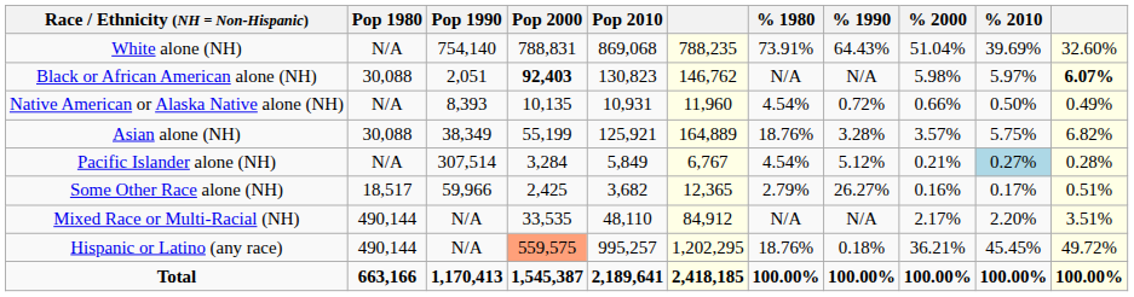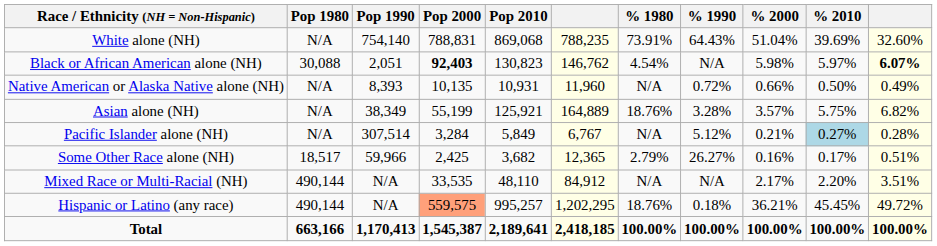 <table class="wikitable" style="text-align:center;">
 <tr>
 <th>Race / Ethnicity <small>(<em>NH = Non-Hispanic</em>)</small></th>
 <th>Pop 1980</th>
 <th>Pop 1990</th>
 <th>Pop 2000</th>
 <th>Pop 2010</th>
 <th></th>
 <th>% 1980</th>
 <th>% 1990</th>
 <th>% 2000</th>
 <th>% 2010</th>
 <th></th>
 </tr>
 <tr>
 <td><a href='#'>White</a> alone (NH)</td>
 <td>N/A</td>
 <td>754,140</td>
 <td>788,831</td>
 <td>869,068</td>
 <td style='background: #ffffe6;'>788,235</td>
 <td>73.91%</td>
 <td>64.43%</td>
 <td>51.04%</td>
 <td>39.69%</td>
 <td style='background: #ffffe6;'>32.60%</td>
 </tr>
 <tr>
 <td><a href='#'>Black or African American</a> alone (NH)</td>
 <td>30,088</td>
 <td>2,051</td>
 <td><strong>92,403</strong></td>
 <td>130,823</td>
 <td style='background: #ffffe6;'>146,762</td>
-<td>N/A</td>
+<td>4.54%</td>
 <td>N/A</td>
 <td>5.98%</td>
 <td>5.97%</td>
 <td style='background: #ffffe6;'><strong>6.07%</strong></td>
 </tr>
 <tr>
 <td><a href='#'>Native American</a> or <a href='#'>Alaska Native</a> alone (NH)</td>
 <td>N/A</td>
 <td>8,393</td>
 <td>10,135</td>
 <td>10,931</td>
 <td style='background: #ffffe6;'>11,960</td>
-<td>4.54%</td>
+<td>N/A</td>
 <td>0.72%</td>
 <td>0.66%</td>
 <td>0.50%</td>
 <td style='background: #ffffe6;'>0.49%</td>
 </tr>
 <tr>
 <td><a href='#'>Asian</a> alone (NH)</td>
-<td>30,088</td>
+<td>N/A</td>
 <td>38,349</td>
 <td>55,199</td>
 <td>125,921</td>
 <td style='background: #ffffe6;'>164,889</td>
 <td>18.76%</td>
 <td>3.28%</td>
 <td>3.57%</td>
 <td>5.75%</td>
 <td style='background: #ffffe6;'>6.82%</td>
 </tr>
 <tr>
 <td><a href='#'>Pacific Islander</a> alone (NH)</td>
 <td>N/A</td>
 <td>307,514</td>
 <td>3,284</td>
 <td>5,849</td>
 <td style='background: #ffffe6;'>6,767</td>
-<td>4.54%</td>
+<td>N/A</td>
 <td>5.12%</td>
 <td>0.21%</td>
 <td style="background: lightblue;">0.27%</td>
 <td style='background: #ffffe6;'>0.28%</td>
 </tr>
 <tr>
 <td><a href='#'>Some Other Race</a> alone (NH)</td>
 <td>18,517</td>
 <td>59,966</td>
 <td>2,425</td>
 <td>3,682</td>
 <td style='background: #ffffe6;'>12,365</td>
 <td>2.79%</td>
 <td>26.27%</td>
 <td>0.16%</td>
 <td>0.17%</td>
 <td style='background: #ffffe6;'>0.51%</td>
 </tr>
 <tr>
 <td><a href='#'>Mixed Race or Multi-Racial</a> (NH)</td>
 <td>490,144</td>
 <td>N/A</td>
 <td>33,535</td>
 <td>48,110</td>
 <td style='background: #ffffe6;'>84,912</td>
 <td>N/A</td>
 <td>N/A</td>
 <td>2.17%</td>
 <td>2.20%</td>
 <td style='background: #ffffe6;'>3.51%</td>
 </tr>
 <tr>
 <td><a href='#'>Hispanic or Latino</a> (any race)</td>
 <td>490,144</td>
 <td>N/A</td>
 <td style="background: lightsalmon;">559,575</td>
 <td>995,257</td>
 <td style='background: #ffffe6;'>1,202,295</td>
 <td>18.76%</td>
 <td>0.18%</td>
 <td>36.21%</td>
 <td>45.45%</td>
 <td style='background: #ffffe6;'>49.72%</td>
 </tr>
 <tr>
 <td><strong>Total</strong></td>
 <td><strong>663,166</strong></td>
 <td><strong>1,170,413</strong></td>
 <td><strong>1,545,387</strong></td>
 <td><strong>2,189,641</strong></td>
 <td style='background: #ffffe6;'><strong>2,418,185</strong></td>
 <td><strong>100.00%</strong></td>
 <td><strong>100.00%</strong></td>
 <td><strong>100.00%</strong></td>
 <td><strong>100.00%</strong></td>
 <td style='background: #ffffe6;'><strong>100.00%</strong></td>
 </tr>
 </table>
